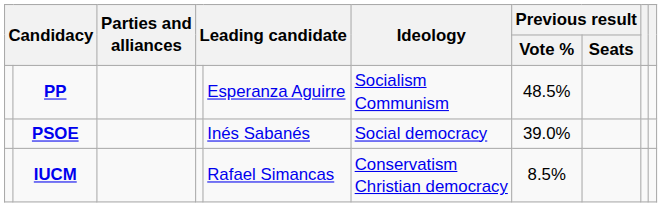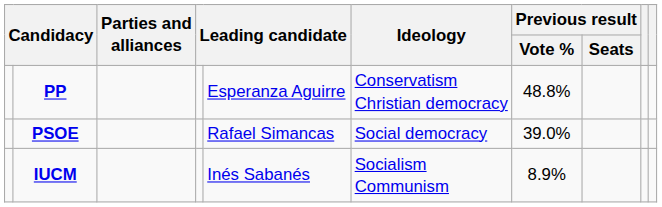 <table class="wikitable" style="line-height:1.35em; text-align:left;">
 <tr>
 <th colspan="2" rowspan="2">Candidacy</th>
 <th rowspan="2">Parties and<br>alliances</th>
 <th colspan="2" rowspan="2">Leading candidate</th>
 <th rowspan="2">Ideology</th>
 <th colspan="2">Previous result</th>
 <th rowspan="2"></th>
 <th rowspan="2"></th>
 </tr>
 <tr>
 <th>Vote %</th>
 <th>Seats</th>
 </tr>
 <tr>
 <td width="1" style="color:inherit;background:"></td>
 <td align="center"><strong><a href='#'>PP</a></strong></td>
 <td></td>
 <td></td>
 <td><a href='#'>Esperanza Aguirre</a></td>
-<td><a href='#'>Socialism</a><br><a href='#'>Communism</a></td>
-<td align="center">48.5%</td>
+<td><a href='#'>Conservatism</a><br><a href='#'>Christian democracy</a></td>
+<td align="center">48.8%</td>
 <td></td>
 <td></td>
 <td></td>
 </tr>
 <tr>
 <td style="color:inherit;background:"></td>
 <td align="center"><strong><a href='#'>PSOE</a></strong></td>
 <td></td>
 <td></td>
-<td><a href='#'>Inés Sabanés</a></td>
+<td><a href='#'>Rafael Simancas</a></td>
 <td><a href='#'>Social democracy</a></td>
 <td align="center">39.0%</td>
 <td></td>
 <td></td>
 <td></td>
 </tr>
 <tr>
 <td style="color:inherit;background:"></td>
 <td align="center"><strong><a href='#'>IUCM</a></strong></td>
 <td></td>
 <td></td>
-<td><a href='#'>Rafael Simancas</a></td>
-<td><a href='#'>Conservatism</a><br><a href='#'>Christian democracy</a></td>
-<td align="center">8.5%</td>
+<td><a href='#'>Inés Sabanés</a></td>
+<td><a href='#'>Socialism</a><br><a href='#'>Communism</a></td>
+<td align="center">8.9%</td>
 <td></td>
 <td></td>
 <td></td>
 </tr>
 </table>
